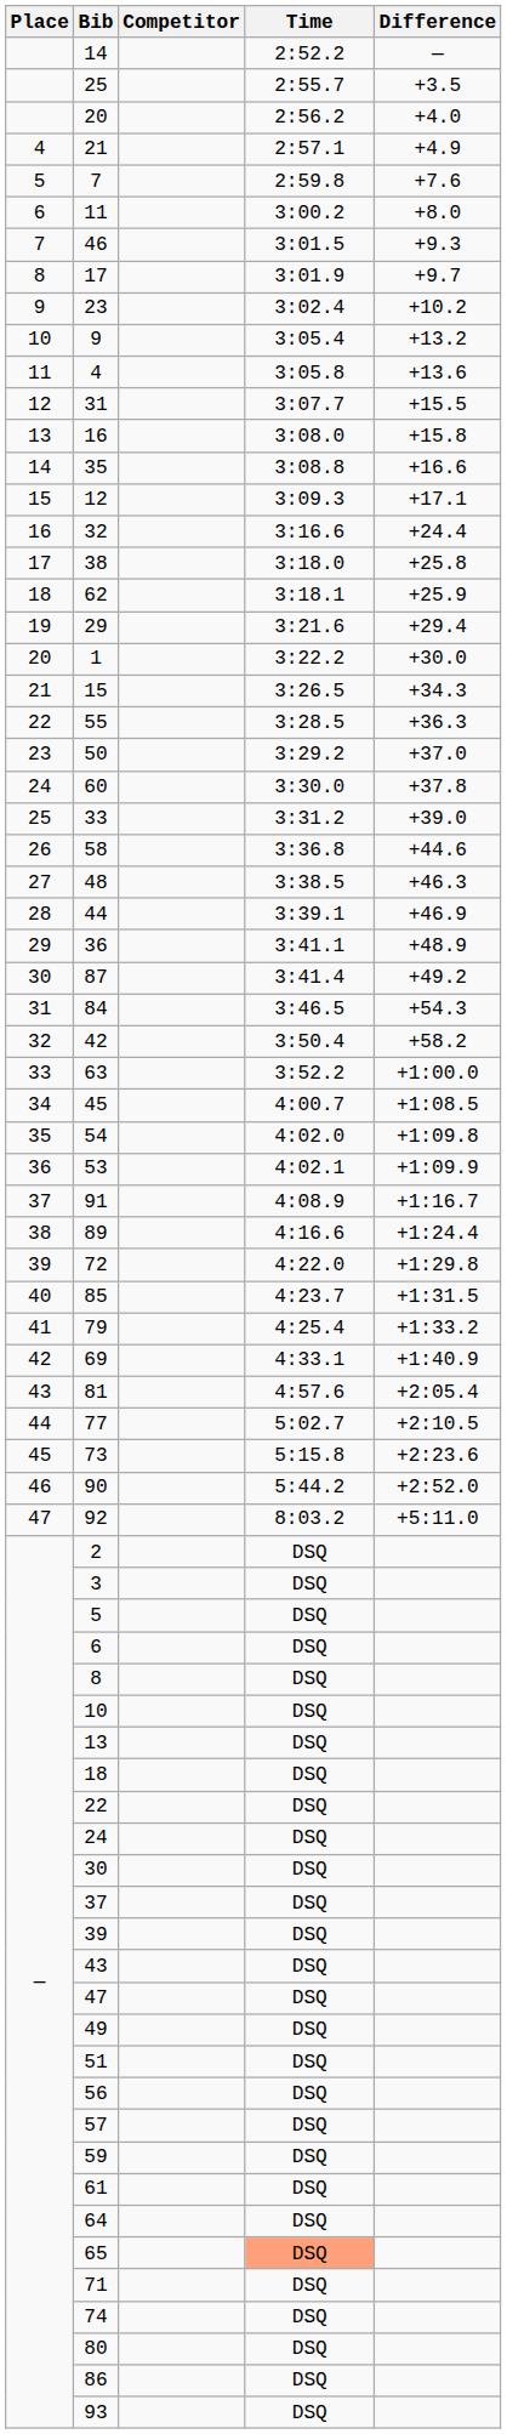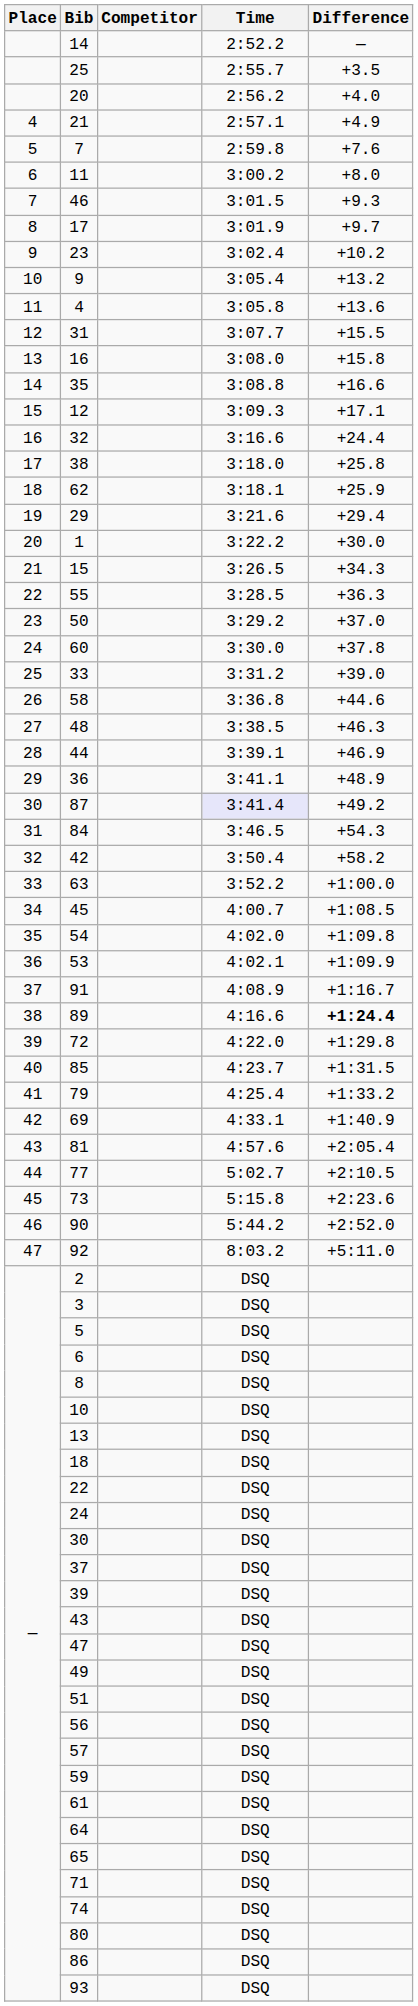 <table class="wikitable sortable" style="text-align:center">
 <tr>
 <th>Place</th>
 <th>Bib</th>
 <th>Competitor</th>
 <th width=80>Time</th>
 <th>Difference</th>
 </tr>
 <tr>
 <td></td>
 <td>14</td>
 <td align=left></td>
 <td>2:52.2</td>
 <td>—</td>
 </tr>
 <tr>
 <td></td>
 <td>25</td>
 <td align=left></td>
 <td>2:55.7</td>
 <td>+3.5</td>
 </tr>
 <tr>
 <td></td>
 <td>20</td>
 <td align=left></td>
 <td>2:56.2</td>
 <td>+4.0</td>
 </tr>
 <tr>
 <td>4</td>
 <td>21</td>
 <td align=left></td>
 <td>2:57.1</td>
 <td>+4.9</td>
 </tr>
 <tr>
 <td>5</td>
 <td>7</td>
 <td align=left></td>
 <td>2:59.8</td>
 <td>+7.6</td>
 </tr>
 <tr>
 <td>6</td>
 <td>11</td>
 <td align=left></td>
 <td>3:00.2</td>
 <td>+8.0</td>
 </tr>
 <tr>
 <td>7</td>
 <td>46</td>
 <td align=left></td>
 <td>3:01.5</td>
 <td>+9.3</td>
 </tr>
 <tr>
 <td>8</td>
 <td>17</td>
 <td align=left></td>
 <td>3:01.9</td>
 <td>+9.7</td>
 </tr>
 <tr>
 <td>9</td>
 <td>23</td>
 <td align=left></td>
 <td>3:02.4</td>
 <td>+10.2</td>
 </tr>
 <tr>
 <td>10</td>
 <td>9</td>
 <td align=left></td>
 <td>3:05.4</td>
 <td>+13.2</td>
 </tr>
 <tr>
 <td>11</td>
 <td>4</td>
 <td align=left></td>
 <td>3:05.8</td>
 <td>+13.6</td>
 </tr>
 <tr>
 <td>12</td>
 <td>31</td>
 <td align=left></td>
 <td>3:07.7</td>
 <td>+15.5</td>
 </tr>
 <tr>
 <td>13</td>
 <td>16</td>
 <td align=left></td>
 <td>3:08.0</td>
 <td>+15.8</td>
 </tr>
 <tr>
 <td>14</td>
 <td>35</td>
 <td align=left></td>
 <td>3:08.8</td>
 <td>+16.6</td>
 </tr>
 <tr>
 <td>15</td>
 <td>12</td>
 <td align=left></td>
 <td>3:09.3</td>
 <td>+17.1</td>
 </tr>
 <tr>
 <td>16</td>
 <td>32</td>
 <td align=left></td>
 <td>3:16.6</td>
 <td>+24.4</td>
 </tr>
 <tr>
 <td>17</td>
 <td>38</td>
 <td align=left></td>
 <td>3:18.0</td>
 <td>+25.8</td>
 </tr>
 <tr>
 <td>18</td>
 <td>62</td>
 <td align=left></td>
 <td>3:18.1</td>
 <td>+25.9</td>
 </tr>
 <tr>
 <td>19</td>
 <td>29</td>
 <td align=left></td>
 <td>3:21.6</td>
 <td>+29.4</td>
 </tr>
 <tr>
 <td>20</td>
 <td>1</td>
 <td align=left></td>
 <td>3:22.2</td>
 <td>+30.0</td>
 </tr>
 <tr>
 <td>21</td>
 <td>15</td>
 <td align=left></td>
 <td>3:26.5</td>
 <td>+34.3</td>
 </tr>
 <tr>
 <td>22</td>
 <td>55</td>
 <td align=left></td>
 <td>3:28.5</td>
 <td>+36.3</td>
 </tr>
 <tr>
 <td>23</td>
 <td>50</td>
 <td align=left></td>
 <td>3:29.2</td>
 <td>+37.0</td>
 </tr>
 <tr>
 <td>24</td>
 <td>60</td>
 <td align=left></td>
 <td>3:30.0</td>
 <td>+37.8</td>
 </tr>
 <tr>
 <td>25</td>
 <td>33</td>
 <td align=left></td>
 <td>3:31.2</td>
 <td>+39.0</td>
 </tr>
 <tr>
 <td>26</td>
 <td>58</td>
 <td align=left></td>
 <td>3:36.8</td>
 <td>+44.6</td>
 </tr>
 <tr>
 <td>27</td>
 <td>48</td>
 <td align=left></td>
 <td>3:38.5</td>
 <td>+46.3</td>
 </tr>
 <tr>
 <td>28</td>
 <td>44</td>
 <td align=left></td>
 <td>3:39.1</td>
 <td>+46.9</td>
 </tr>
 <tr>
 <td>29</td>
 <td>36</td>
 <td align=left></td>
 <td>3:41.1</td>
 <td>+48.9</td>
 </tr>
 <tr>
 <td>30</td>
 <td>87</td>
 <td align=left></td>
-<td>3:41.4</td>
+<td style="background: lavender;">3:41.4</td>
 <td>+49.2</td>
 </tr>
 <tr>
 <td>31</td>
 <td>84</td>
 <td align=left></td>
 <td>3:46.5</td>
 <td>+54.3</td>
 </tr>
 <tr>
 <td>32</td>
 <td>42</td>
 <td align=left></td>
 <td>3:50.4</td>
 <td>+58.2</td>
 </tr>
 <tr>
 <td>33</td>
 <td>63</td>
 <td align=left></td>
 <td>3:52.2</td>
 <td>+1:00.0</td>
 </tr>
 <tr>
 <td>34</td>
 <td>45</td>
 <td align=left></td>
 <td>4:00.7</td>
 <td>+1:08.5</td>
 </tr>
 <tr>
 <td>35</td>
 <td>54</td>
 <td align=left></td>
 <td>4:02.0</td>
 <td>+1:09.8</td>
 </tr>
 <tr>
 <td>36</td>
 <td>53</td>
 <td align=left></td>
 <td>4:02.1</td>
 <td>+1:09.9</td>
 </tr>
 <tr>
 <td>37</td>
 <td>91</td>
 <td align=left></td>
 <td>4:08.9</td>
 <td>+1:16.7</td>
 </tr>
 <tr>
 <td>38</td>
 <td>89</td>
 <td align=left></td>
 <td>4:16.6</td>
-<td>+1:24.4</td>
+<td><strong>+1:24.4</strong></td>
 </tr>
 <tr>
 <td>39</td>
 <td>72</td>
 <td align=left></td>
 <td>4:22.0</td>
 <td>+1:29.8</td>
 </tr>
 <tr>
 <td>40</td>
 <td>85</td>
 <td align=left></td>
 <td>4:23.7</td>
 <td>+1:31.5</td>
 </tr>
 <tr>
 <td>41</td>
 <td>79</td>
 <td align=left></td>
 <td>4:25.4</td>
 <td>+1:33.2</td>
 </tr>
 <tr>
 <td>42</td>
 <td>69</td>
 <td align=left></td>
 <td>4:33.1</td>
 <td>+1:40.9</td>
 </tr>
 <tr>
 <td>43</td>
 <td>81</td>
 <td align=left></td>
 <td>4:57.6</td>
 <td>+2:05.4</td>
 </tr>
 <tr>
 <td>44</td>
 <td>77</td>
 <td align=left></td>
 <td>5:02.7</td>
 <td>+2:10.5</td>
 </tr>
 <tr>
 <td>45</td>
 <td>73</td>
 <td align=left></td>
 <td>5:15.8</td>
 <td>+2:23.6</td>
 </tr>
 <tr>
 <td>46</td>
 <td>90</td>
 <td align=left></td>
 <td>5:44.2</td>
 <td>+2:52.0</td>
 </tr>
 <tr>
 <td>47</td>
 <td>92</td>
 <td align=left></td>
 <td>8:03.2</td>
 <td>+5:11.0</td>
 </tr>
 <tr>
 <td rowspan=28>—</td>
 <td>2</td>
 <td align=left></td>
 <td>DSQ</td>
 <td></td>
 </tr>
 <tr>
 <td>3</td>
 <td align=left></td>
 <td>DSQ</td>
 <td></td>
 </tr>
 <tr>
 <td>5</td>
 <td align=left></td>
 <td>DSQ</td>
 <td></td>
 </tr>
 <tr>
 <td>6</td>
 <td align=left></td>
 <td>DSQ</td>
 <td></td>
 </tr>
 <tr>
 <td>8</td>
 <td align=left></td>
 <td>DSQ</td>
 <td></td>
 </tr>
 <tr>
 <td>10</td>
 <td align=left></td>
 <td>DSQ</td>
 <td></td>
 </tr>
 <tr>
 <td>13</td>
 <td align=left></td>
 <td>DSQ</td>
 <td></td>
 </tr>
 <tr>
 <td>18</td>
 <td align=left></td>
 <td>DSQ</td>
 <td></td>
 </tr>
 <tr>
 <td>22</td>
 <td align=left></td>
 <td>DSQ</td>
 <td></td>
 </tr>
 <tr>
 <td>24</td>
 <td align=left></td>
 <td>DSQ</td>
 <td></td>
 </tr>
 <tr>
 <td>30</td>
 <td align=left></td>
 <td>DSQ</td>
 <td></td>
 </tr>
 <tr>
 <td>37</td>
 <td align=left></td>
 <td>DSQ</td>
 <td></td>
 </tr>
 <tr>
 <td>39</td>
 <td align=left></td>
 <td>DSQ</td>
 <td></td>
 </tr>
 <tr>
 <td>43</td>
 <td align=left></td>
 <td>DSQ</td>
 <td></td>
 </tr>
 <tr>
 <td>47</td>
 <td align=left></td>
 <td>DSQ</td>
 <td></td>
 </tr>
 <tr>
 <td>49</td>
 <td align=left></td>
 <td>DSQ</td>
 <td></td>
 </tr>
 <tr>
 <td>51</td>
 <td align=left></td>
 <td>DSQ</td>
 <td></td>
 </tr>
 <tr>
 <td>56</td>
 <td align=left></td>
 <td>DSQ</td>
 <td></td>
 </tr>
 <tr>
 <td>57</td>
 <td align=left></td>
 <td>DSQ</td>
 <td></td>
 </tr>
 <tr>
 <td>59</td>
 <td align=left></td>
 <td>DSQ</td>
 <td></td>
 </tr>
 <tr>
 <td>61</td>
 <td align=left></td>
 <td>DSQ</td>
 <td></td>
 </tr>
 <tr>
 <td>64</td>
 <td align=left></td>
 <td>DSQ</td>
 <td></td>
 </tr>
 <tr>
 <td>65</td>
 <td align=left></td>
-<td style="background: lightsalmon;">DSQ</td>
+<td>DSQ</td>
 <td></td>
 </tr>
 <tr>
 <td>71</td>
 <td align=left></td>
 <td>DSQ</td>
 <td></td>
 </tr>
 <tr>
 <td>74</td>
 <td align=left></td>
 <td>DSQ</td>
 <td></td>
 </tr>
 <tr>
 <td>80</td>
 <td align=left></td>
 <td>DSQ</td>
 <td></td>
 </tr>
 <tr>
 <td>86</td>
 <td align=left></td>
 <td>DSQ</td>
 <td></td>
 </tr>
 <tr>
 <td>93</td>
 <td align=left></td>
 <td>DSQ</td>
 <td></td>
 </tr>
 </table>
